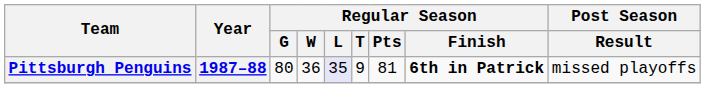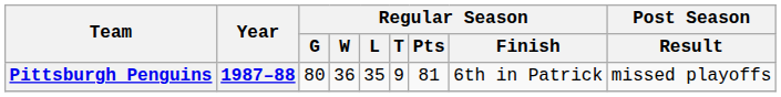 <table class="wikitable" style="font-size: 95%; text-align:center;">
 <tr>
 <th rowspan="2">Team</th>
 <th rowspan="2">Year</th>
 <th colspan="6">Regular Season</th>
 <th colspan="1">Post Season</th>
 </tr>
 <tr>
 <th>G</th>
 <th>W</th>
 <th>L</th>
 <th>T</th>
 <th>Pts</th>
 <th>Finish</th>
 <th>Result</th>
 </tr>
 <tr>
 <th><a href='#'>Pittsburgh Penguins</a></th>
 <th><a href='#'>1987–88</a></th>
 <td>80</td>
 <td>36</td>
-<td style="background: lavender;">35</td>
+<td>35</td>
 <td>9</td>
 <td>81</td>
-<td><strong>6th in Patrick</strong></td>
+<td>6th in Patrick</td>
 <td>missed playoffs</td>
 </tr>
 <tr>
 </tr>
 </table>
